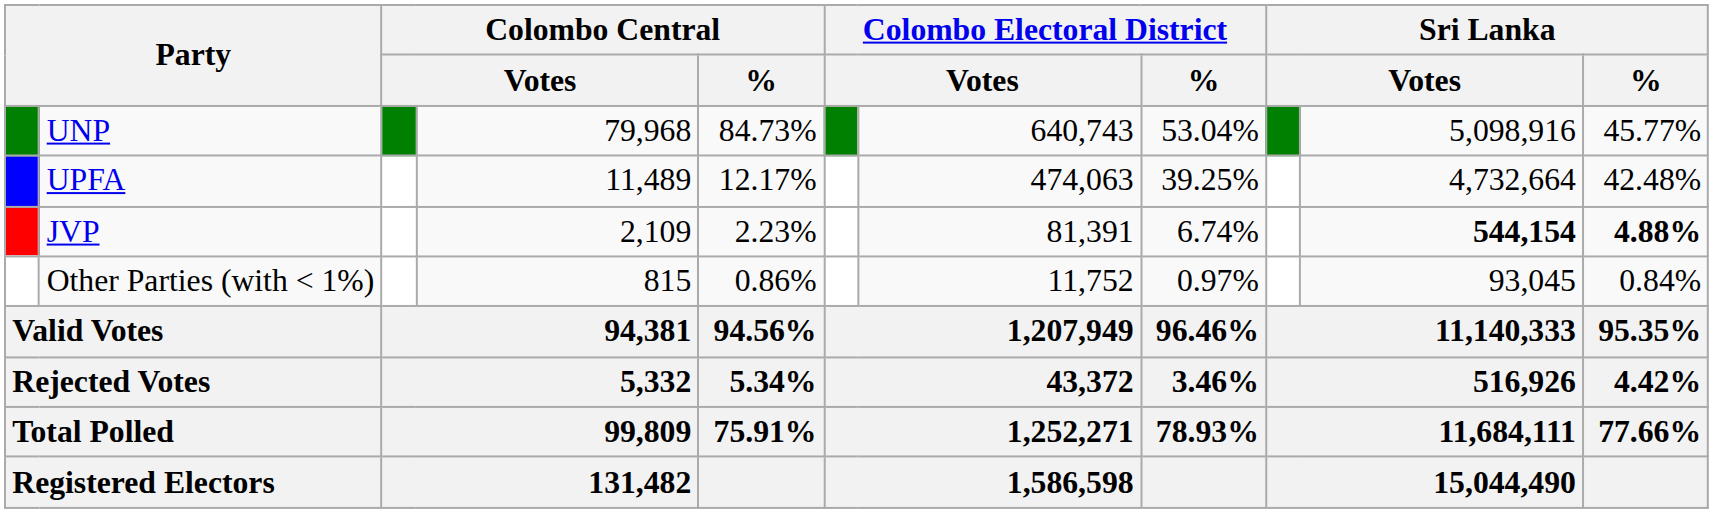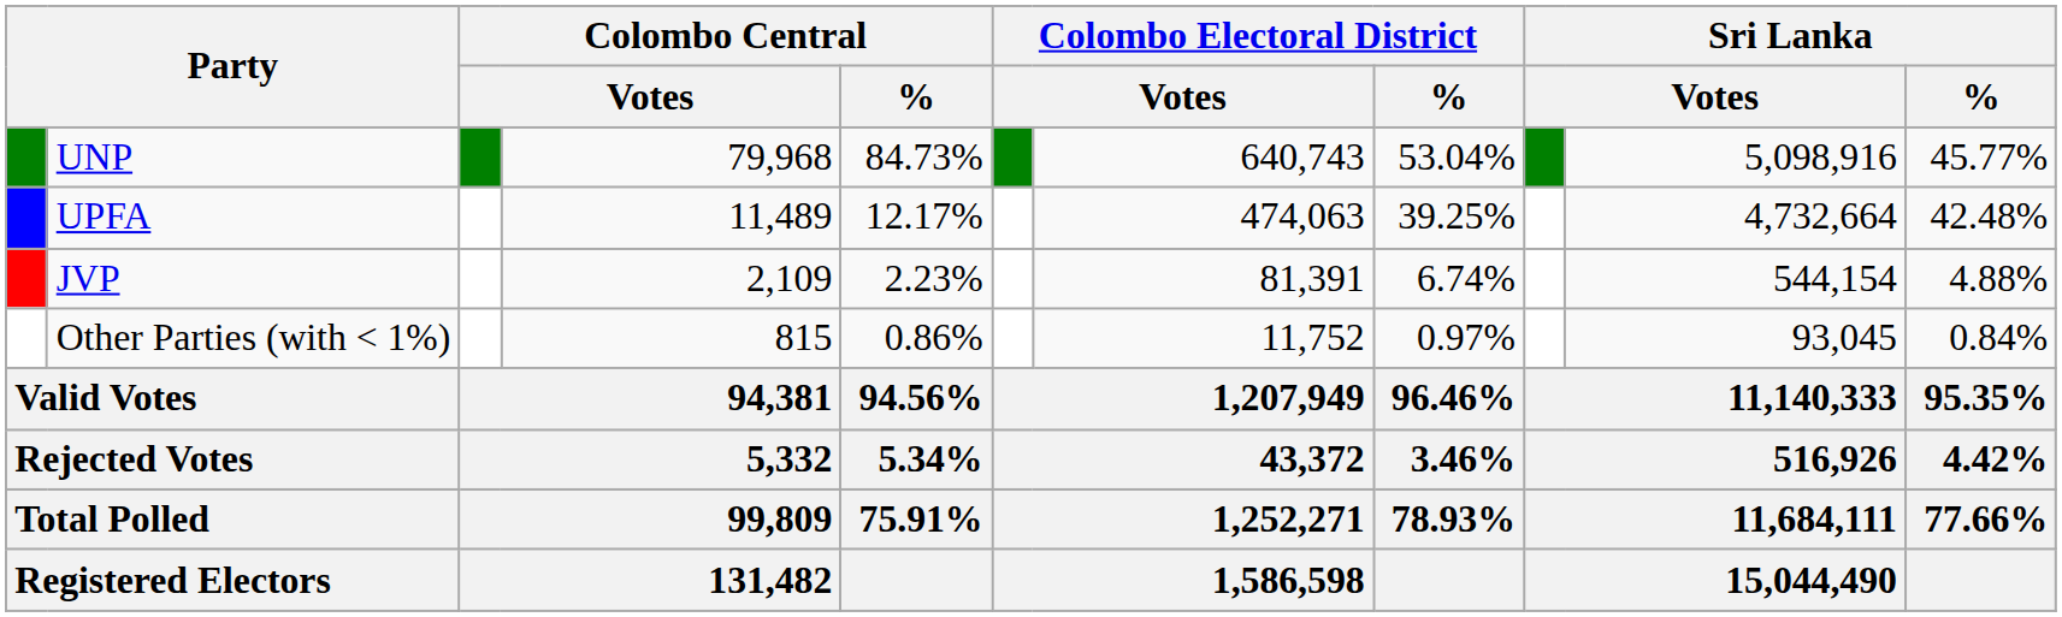 <table class="wikitable">
 <tr>
 <th colspan="2" width="144px"rowspan="2">Party</th>
 <th colspan="3" width="216px">Colombo Central</th>
 <th colspan="3" width="216px"><a href='#'>Colombo Electoral District</a></th>
 <th colspan="3" width="216px">Sri Lanka</th>
 </tr>
 <tr>
 <th colspan="2" width="144px">Votes</th>
 <th>%</th>
 <th colspan="2" width="144px">Votes</th>
 <th>%</th>
 <th colspan="2" width="144px">Votes</th>
 <th>%</th>
 </tr>
 <tr>
 <td style="background-color:green;" width="10px"></td>
 <td style="text-align:left;"><a href='#'>UNP</a></td>
 <td style="background-color:green;" width="10px"></td>
 <td style="text-align:right;">79,968</td>
 <td style="text-align:right;">84.73%</td>
 <td style="background-color:green;" width="10px"></td>
 <td style="text-align:right;">640,743</td>
 <td style="text-align:right;">53.04%</td>
 <td style="background-color:green;" width="10px"></td>
 <td style="text-align:right;">5,098,916</td>
 <td style="text-align:right;">45.77%</td>
 </tr>
 <tr>
 <td style="background-color:blue;" width="10px"></td>
 <td style="text-align:left;"><a href='#'>UPFA</a></td>
 <td style="background-color:white;" width="10px"></td>
 <td style="text-align:right;">11,489</td>
 <td style="text-align:right;">12.17%</td>
 <td style="background-color:white;" width="10px"></td>
 <td style="text-align:right;">474,063</td>
 <td style="text-align:right;">39.25%</td>
 <td style="background-color:white;" width="10px"></td>
 <td style="text-align:right;">4,732,664</td>
 <td style="text-align:right;">42.48%</td>
 </tr>
 <tr>
 <td style="background-color:red;" width="10px"></td>
 <td style="text-align:left;"><a href='#'>JVP</a></td>
 <td style="background-color:white;" width="10px"></td>
 <td style="text-align:right;">2,109</td>
 <td style="text-align:right;">2.23%</td>
 <td style="background-color:white;" width="10px"></td>
 <td style="text-align:right;">81,391</td>
 <td style="text-align:right;">6.74%</td>
 <td style="background-color:white;" width="10px"></td>
-<td style="text-align:right;"><strong>544,154</strong></td>
-<td style="text-align:right;"><strong>4.88%</strong></td>
+<td style="text-align:right;">544,154</td>
+<td style="text-align:right;">4.88%</td>
 </tr>
 <tr>
 <td style="background-color:white;" width="10px"></td>
 <td style="text-align:left;">Other Parties (with < 1%)</td>
 <td style="background-color:white;" width="10px"></td>
 <td style="text-align:right;">815</td>
 <td style="text-align:right;">0.86%</td>
 <td style="background-color:white;" width="10px"></td>
 <td style="text-align:right;">11,752</td>
 <td style="text-align:right;">0.97%</td>
 <td style="background-color:white;" width="10px"></td>
 <td style="text-align:right;">93,045</td>
 <td style="text-align:right;">0.84%</td>
 </tr>
 <tr>
 <th colspan="2" width="144px"style="text-align:left;">Valid Votes</th>
 <th style="text-align:right;"colspan="2" width="144px">94,381</th>
 <th style="text-align:right;">94.56%</th>
 <th style="text-align:right;"colspan="2" width="144px">1,207,949</th>
 <th style="text-align:right;">96.46%</th>
 <th style="text-align:right;"colspan="2" width="144px">11,140,333</th>
 <th style="text-align:right;">95.35%</th>
 </tr>
 <tr>
 <th colspan="2" width="144px"style="text-align:left;">Rejected Votes</th>
 <th style="text-align:right;"colspan="2" width="144px">5,332</th>
 <th style="text-align:right;">5.34%</th>
 <th style="text-align:right;"colspan="2" width="144px">43,372</th>
 <th style="text-align:right;">3.46%</th>
 <th style="text-align:right;"colspan="2" width="144px">516,926</th>
 <th style="text-align:right;">4.42%</th>
 </tr>
 <tr>
 <th colspan="2" width="144px"style="text-align:left;">Total Polled</th>
 <th style="text-align:right;"colspan="2" width="144px">99,809</th>
 <th style="text-align:right;">75.91%</th>
 <th style="text-align:right;"colspan="2" width="144px">1,252,271</th>
 <th style="text-align:right;">78.93%</th>
 <th style="text-align:right;"colspan="2" width="144px">11,684,111</th>
 <th style="text-align:right;">77.66%</th>
 </tr>
 <tr>
 <th colspan="2" width="144px"style="text-align:left;">Registered Electors</th>
 <th style="text-align:right;"colspan="2" width="144px">131,482</th>
 <th></th>
 <th style="text-align:right;"colspan="2" width="144px">1,586,598</th>
 <th></th>
 <th style="text-align:right;"colspan="2" width="144px">15,044,490</th>
 <th></th>
 </tr>
 </table>
